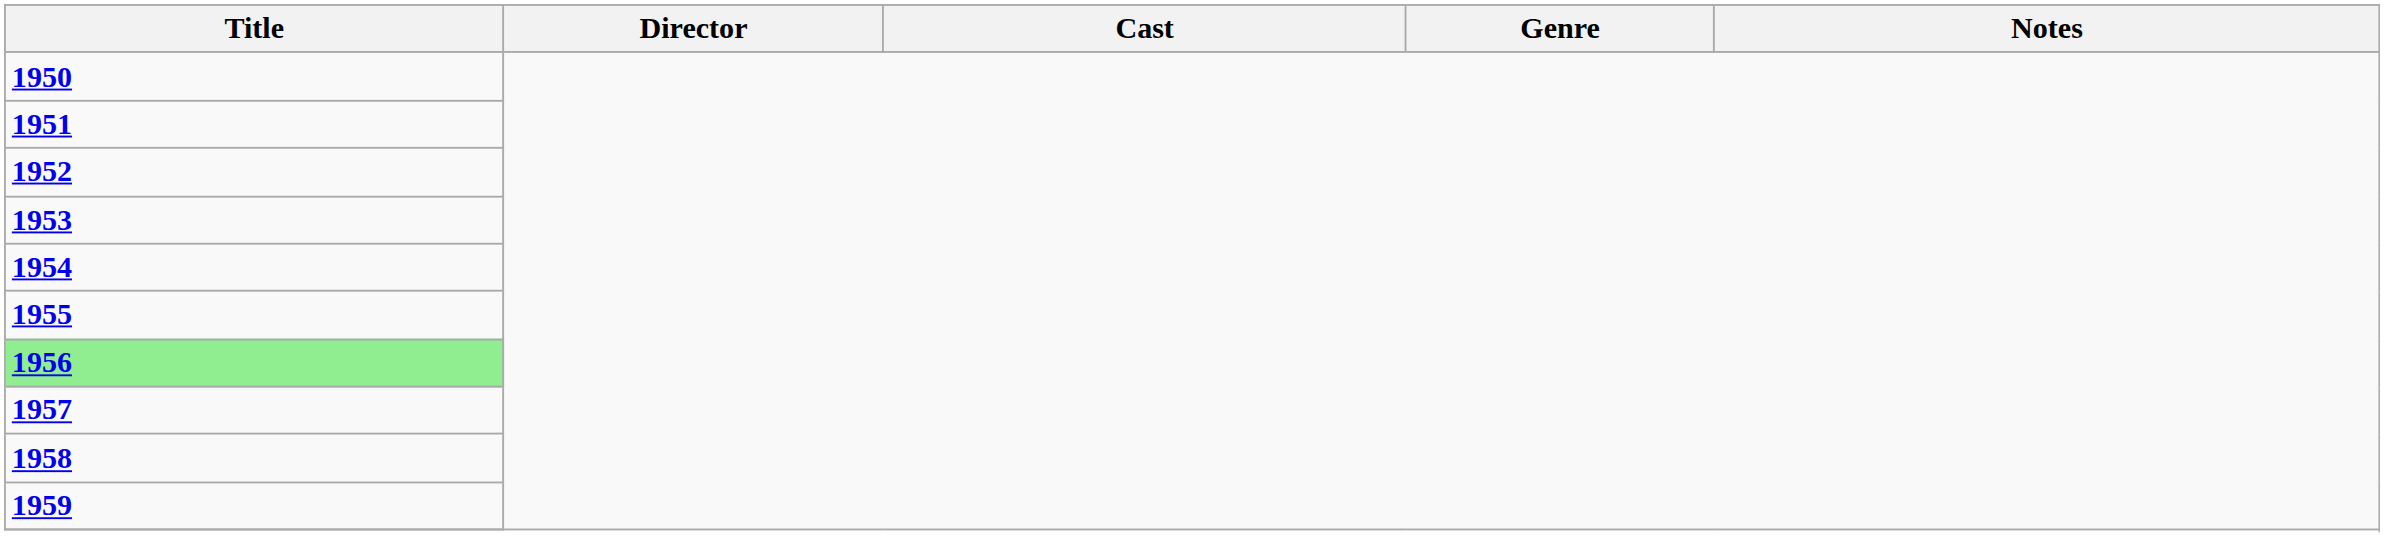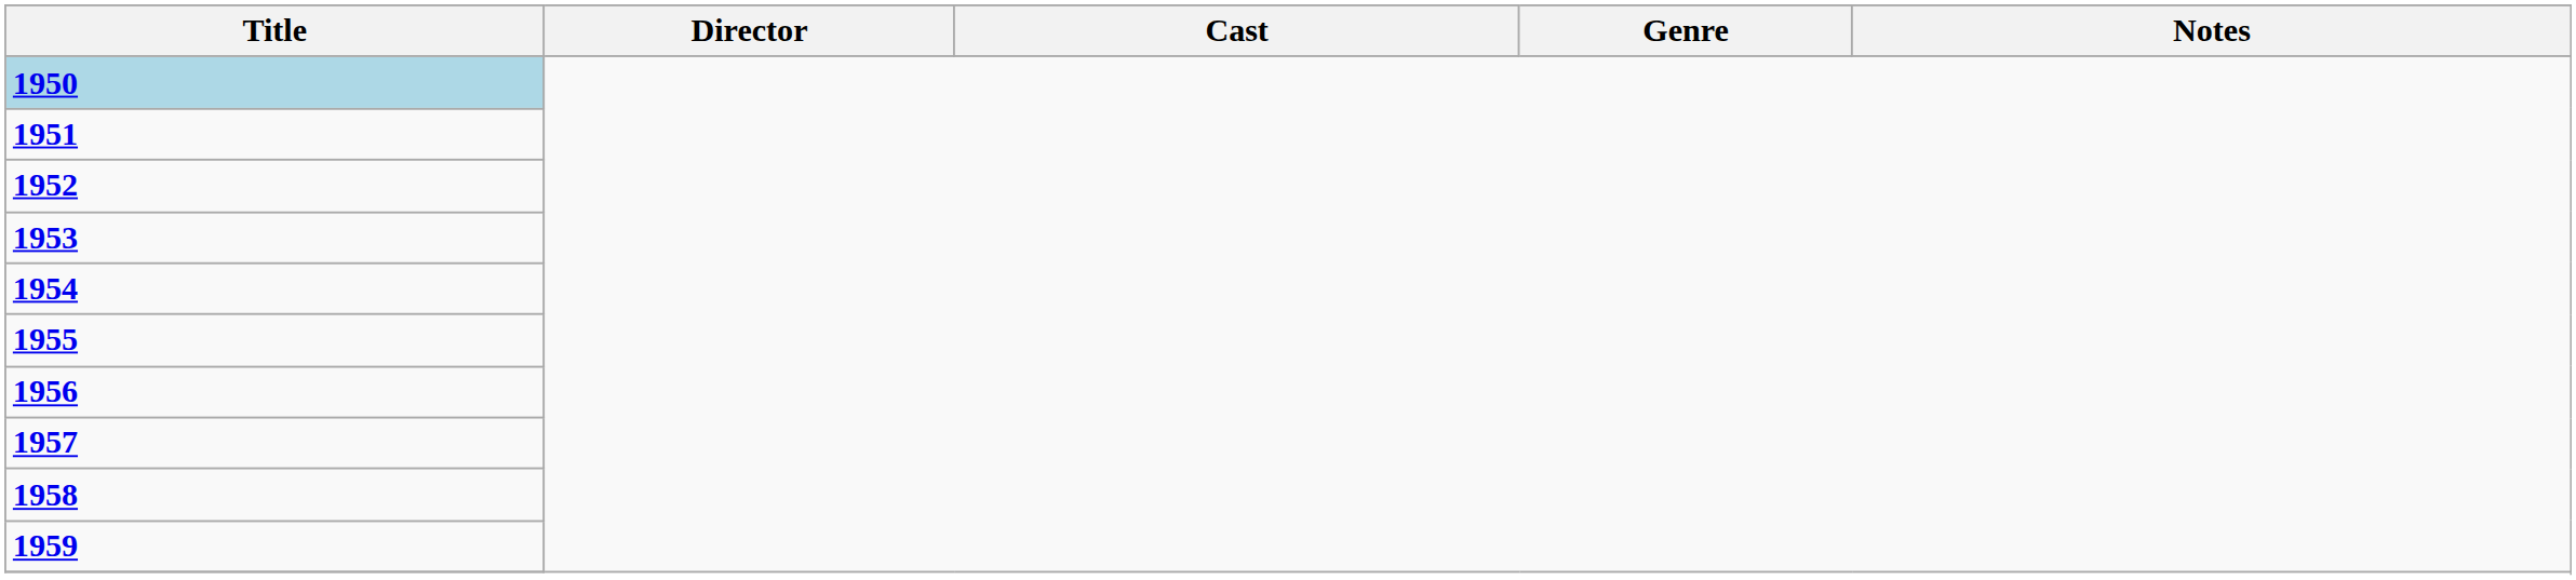 <table class="wikitable" width= "100%">
 <tr>
 <th width=21%>Title</th>
 <th width=16%>Director</th>
 <th width=22%>Cast</th>
 <th width=13%>Genre</th>
 <th width=28%>Notes</th>
 </tr>
 <tr>
-<td><strong><a href='#'>1950</a></strong></td>
+<td style="background: lightblue;"><strong><a href='#'>1950</a></strong></td>
 </tr>
 <tr>
 <td><strong><a href='#'>1951</a></strong></td>
 </tr>
 <tr>
 <td><strong><a href='#'>1952</a></strong></td>
 </tr>
 <tr>
 <td><strong><a href='#'>1953</a></strong></td>
 </tr>
 <tr>
 <td><strong><a href='#'>1954</a></strong></td>
 </tr>
 <tr>
 <td><strong><a href='#'>1955</a></strong></td>
 </tr>
 <tr>
-<td style="background: lightgreen;"><strong><a href='#'>1956</a></strong></td>
+<td><strong><a href='#'>1956</a></strong></td>
 </tr>
 <tr>
 <td><strong><a href='#'>1957</a></strong></td>
 </tr>
 <tr>
 <td><strong><a href='#'>1958</a></strong></td>
 </tr>
 <tr>
 <td><strong><a href='#'>1959</a></strong></td>
 </tr>
 <tr>
 </tr>
 </table>
